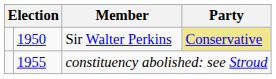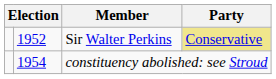 <table class="wikitable">
 <tr>
 <th colspan="2">Election</th>
 <th>Member </th>
 <th>Party</th>
 </tr>
 <tr>
 <td style="color:inherit;background-color: "></td>
-<td><a href='#'>1950</a></td>
+<td><a href='#'>1952</a></td>
 <td>Sir <a href='#'>Walter Perkins</a></td>
 <td style="background: khaki;"><a href='#'>Conservative</a></td>
 </tr>
 <tr>
 <td></td>
-<td><a href='#'>1955</a></td>
+<td><a href='#'>1954</a></td>
 <td colspan="2"><em>constituency abolished: see <a href='#'>Stroud</a></em></td>
 </tr>
 </table>
